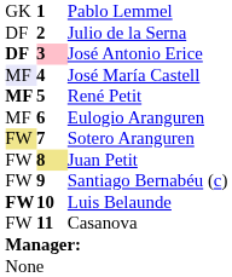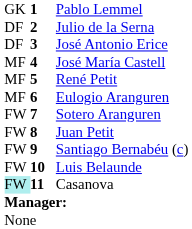 <table style="font-size: 90%" cellspacing="0" cellpadding="0" align=center>
 <tr>
 <td colspan="4"></td>
 </tr>
 <tr>
 <th width=25></th>
 <th width=25></th>
 </tr>
 <tr>
 <td>GK</td>
 <td><strong>1</strong></td>
 <td> <a href='#'>Pablo Lemmel</a></td>
 </tr>
 <tr>
 <td>DF</td>
 <td><strong>2</strong></td>
 <td> <a href='#'>Julio de la Serna</a></td>
 </tr>
 <tr>
-<td><strong>DF</strong></td>
-<td style="background: pink;"><strong>3</strong></td>
+<td>DF</td>
+<td><strong>3</strong></td>
 <td> <a href='#'>José Antonio Erice</a></td>
 </tr>
 <tr>
-<td style="background: lavender;">MF</td>
+<td>MF</td>
 <td><strong>4</strong></td>
 <td> <a href='#'>José María Castell</a></td>
 </tr>
 <tr>
-<td><strong>MF</strong></td>
+<td>MF</td>
 <td><strong>5</strong></td>
 <td> <a href='#'>René Petit</a></td>
 </tr>
 <tr>
 <td>MF</td>
 <td><strong>6</strong></td>
 <td> <a href='#'>Eulogio Aranguren</a></td>
 </tr>
 <tr>
-<td style="background: khaki;">FW</td>
+<td>FW</td>
 <td><strong>7</strong></td>
 <td> <a href='#'>Sotero Aranguren</a></td>
 </tr>
 <tr>
 <td>FW</td>
-<td style="background: khaki;"><strong>8</strong></td>
+<td><strong>8</strong></td>
 <td> <a href='#'>Juan Petit</a></td>
 </tr>
 <tr>
 <td>FW</td>
 <td><strong>9</strong></td>
 <td> <a href='#'>Santiago Bernabéu</a> (<a href='#'>c</a>)</td>
 </tr>
 <tr>
-<td><strong>FW</strong></td>
+<td>FW</td>
 <td><strong>10</strong></td>
 <td> <a href='#'>Luis Belaunde</a></td>
 </tr>
 <tr>
-<td>FW</td>
+<td style="background: paleturquoise;">FW</td>
 <td><strong>11</strong></td>
 <td> Casanova</td>
 </tr>
 <tr>
 <td colspan=3><strong>Manager:</strong></td>
 </tr>
 <tr>
 <td colspan=4>None</td>
 </tr>
 </table>
